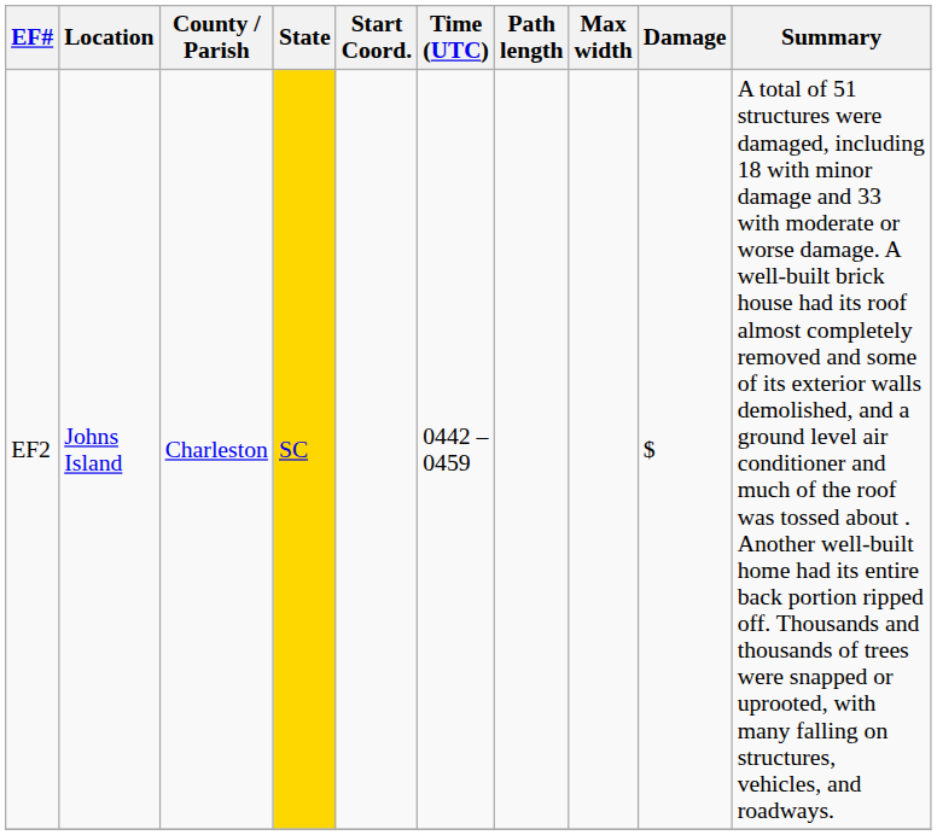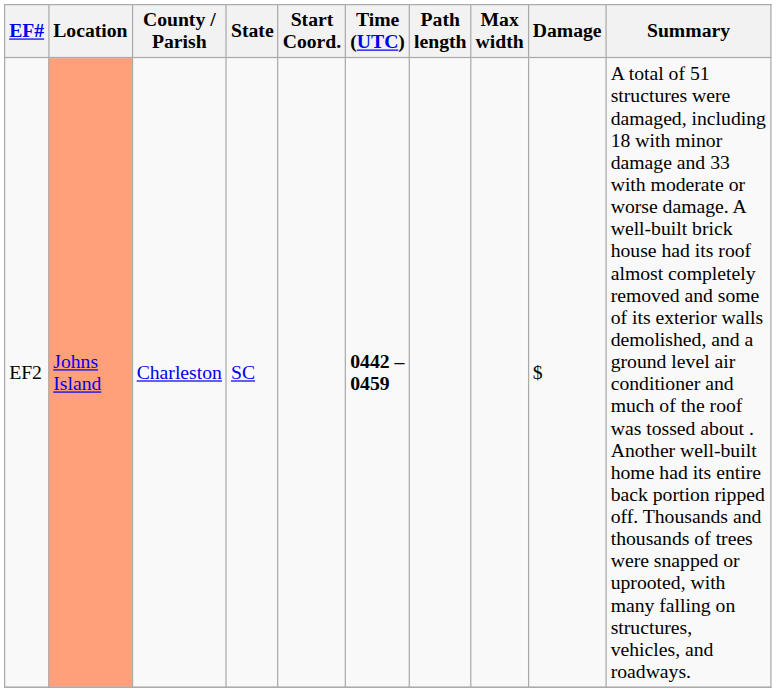 <table class="wikitable sortable" style="width:100%;">
 <tr>
 <th scope="col" width="3%" align="center"><a href='#'>EF#</a></th>
 <th scope="col" width="7%" align="center" class="unsortable">Location</th>
 <th scope="col" width="6%" align="center" class="unsortable">County / Parish</th>
 <th scope="col" width="5%" align="center">State</th>
 <th scope="col" width="6%" align="center">Start Coord.</th>
 <th scope="col" width="6%" align="center">Time (<a href='#'>UTC</a>)</th>
 <th scope="col" width="6%" align="center">Path length</th>
 <th scope="col" width="6%" align="center">Max width</th>
 <th scope="col" width="6%" align="center">Damage</th>
 <th scope="col" width="48%" class="unsortable" align="center">Summary</th>
 </tr>
 <tr>
 <td>EF2</td>
-<td><a href='#'>Johns Island</a></td>
+<td style="background: lightsalmon;"><a href='#'>Johns Island</a></td>
 <td><a href='#'>Charleston</a></td>
-<td style="background: gold;"><a href='#'>SC</a></td>
+<td><a href='#'>SC</a></td>
 <td></td>
-<td>0442 – 0459</td>
+<td><strong>0442 – 0459</strong></td>
 <td></td>
 <td></td>
 <td>$</td>
 <td>A total of 51 structures were damaged, including 18 with minor damage and 33 with moderate or worse damage. A well-built brick house had its roof almost completely removed and some of its exterior walls demolished, and a ground level air conditioner and much of the roof was tossed about . Another well-built home had its entire back portion ripped off. Thousands and thousands of trees were snapped or uprooted, with many falling on structures, vehicles, and roadways.</td>
 </tr>
 <tr>
 </tr>
 </table>
